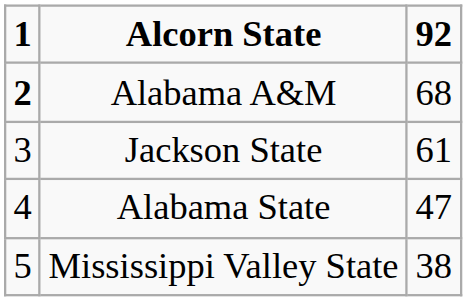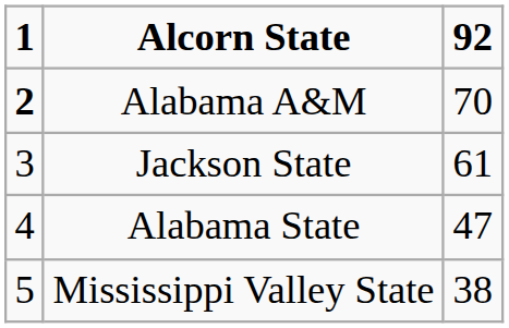 <table class="wikitable" style="display: inline-table;">
 <tr align="center">
 <td><strong>1</strong></td>
 <td><strong>Alcorn State</strong></td>
 <td><strong>92</strong></td>
 </tr>
 <tr align="center">
 <td><strong>2</strong></td>
 <td>Alabama A&M</td>
-<td>68</td>
+<td>70</td>
 </tr>
 <tr align="center">
 <td>3</td>
 <td>Jackson State</td>
 <td>61</td>
 </tr>
 <tr align="center">
 <td>4</td>
 <td>Alabama State</td>
 <td>47</td>
 </tr>
 <tr align="center">
 <td>5</td>
 <td>Mississippi Valley State</td>
 <td>38</td>
 </tr>
 </table>
